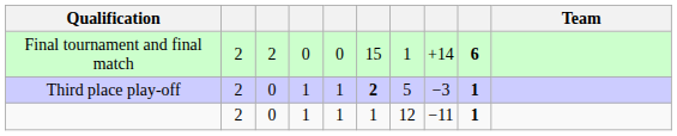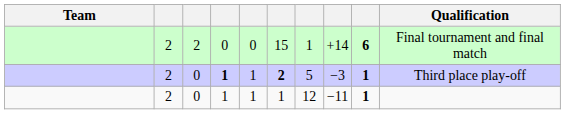 <table class="wikitable" style="text-align: center;">
 <tr>
-<th width="200">Qualification</th>
+<th width="165">Team</th>
 <th width="25"></th>
 <th width="25"></th>
 <th width="25"></th>
 <th width="25"></th>
 <th width="25"></th>
 <th width="25"></th>
 <th width="25"></th>
 <th width="25"></th>
-<th width="165">Team</th>
+<th width="200">Qualification</th>
 </tr>
 <tr style="background:#ccffcc;">
-<td>Final tournament and final match</td>
+<td style="text-align:left;"></td>
 <td>2</td>
 <td>2</td>
 <td>0</td>
 <td>0</td>
 <td>15</td>
 <td>1</td>
 <td>+14</td>
 <td><strong>6</strong></td>
-<td style="text-align:left;"></td>
+<td>Final tournament and final match</td>
 </tr>
 <tr bgcolor="#ccccff" align=center>
-<td>Third place play-off</td>
+<td style="text-align:left;"></td>
 <td>2</td>
 <td>0</td>
-<td>1</td>
+<td><strong>1</strong></td>
 <td>1</td>
 <td><strong>2</strong></td>
 <td>5</td>
 <td>−3</td>
 <td><strong>1</strong></td>
-<td style="text-align:left;"></td>
+<td>Third place play-off</td>
 </tr>
 <tr align=center>
-<td></td>
+<td style="text-align:left;"></td>
 <td>2</td>
 <td>0</td>
 <td>1</td>
 <td>1</td>
 <td>1</td>
 <td>12</td>
 <td>−11</td>
 <td><strong>1</strong></td>
-<td style="text-align:left;"></td>
+<td></td>
 </tr>
 </table>
